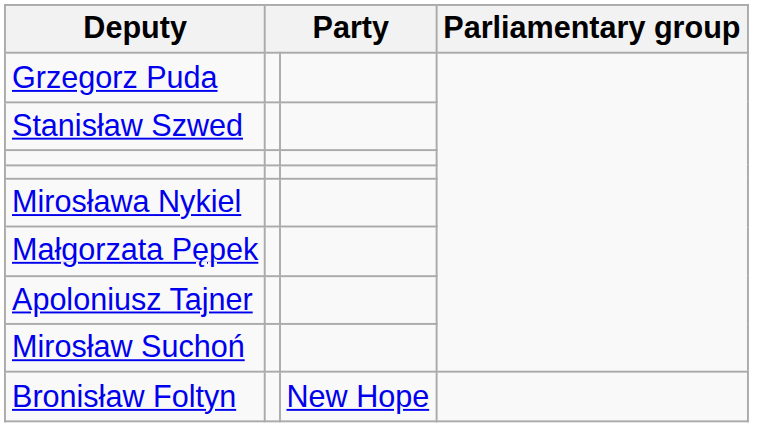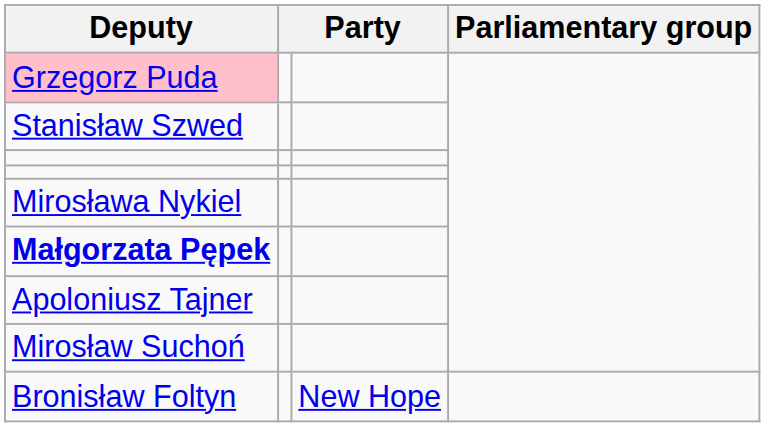 <table class="wikitable">
 <tr>
 <th>Deputy</th>
 <th colspan=2>Party</th>
 <th colspan=2>Parliamentary group</th>
 </tr>
 <tr>
-<td><a href='#'>Grzegorz Puda</a></td>
+<td style="background: pink;"><a href='#'>Grzegorz Puda</a></td>
 <td></td>
 <td></td>
 </tr>
 <tr>
 <td><a href='#'>Stanisław Szwed</a></td>
 <td></td>
 <td></td>
 </tr>
 <tr>
 <td></td>
 <td></td>
 <td></td>
 </tr>
 <tr>
 <td></td>
 <td></td>
 <td></td>
 </tr>
 <tr>
 <td><a href='#'>Mirosława Nykiel</a></td>
 <td></td>
 <td></td>
 </tr>
 <tr>
-<td><a href='#'>Małgorzata Pępek</a></td>
+<td><strong><a href='#'>Małgorzata Pępek</a></strong></td>
 <td></td>
 <td></td>
 </tr>
 <tr>
 <td><a href='#'>Apoloniusz Tajner</a></td>
 <td></td>
 <td></td>
 </tr>
 <tr>
 <td><a href='#'>Mirosław Suchoń</a></td>
 <td></td>
 <td></td>
 </tr>
 <tr>
 <td><a href='#'>Bronisław Foltyn</a></td>
 <td></td>
 <td><a href='#'>New Hope</a></td>
 <td></td>
 </tr>
 </table>
